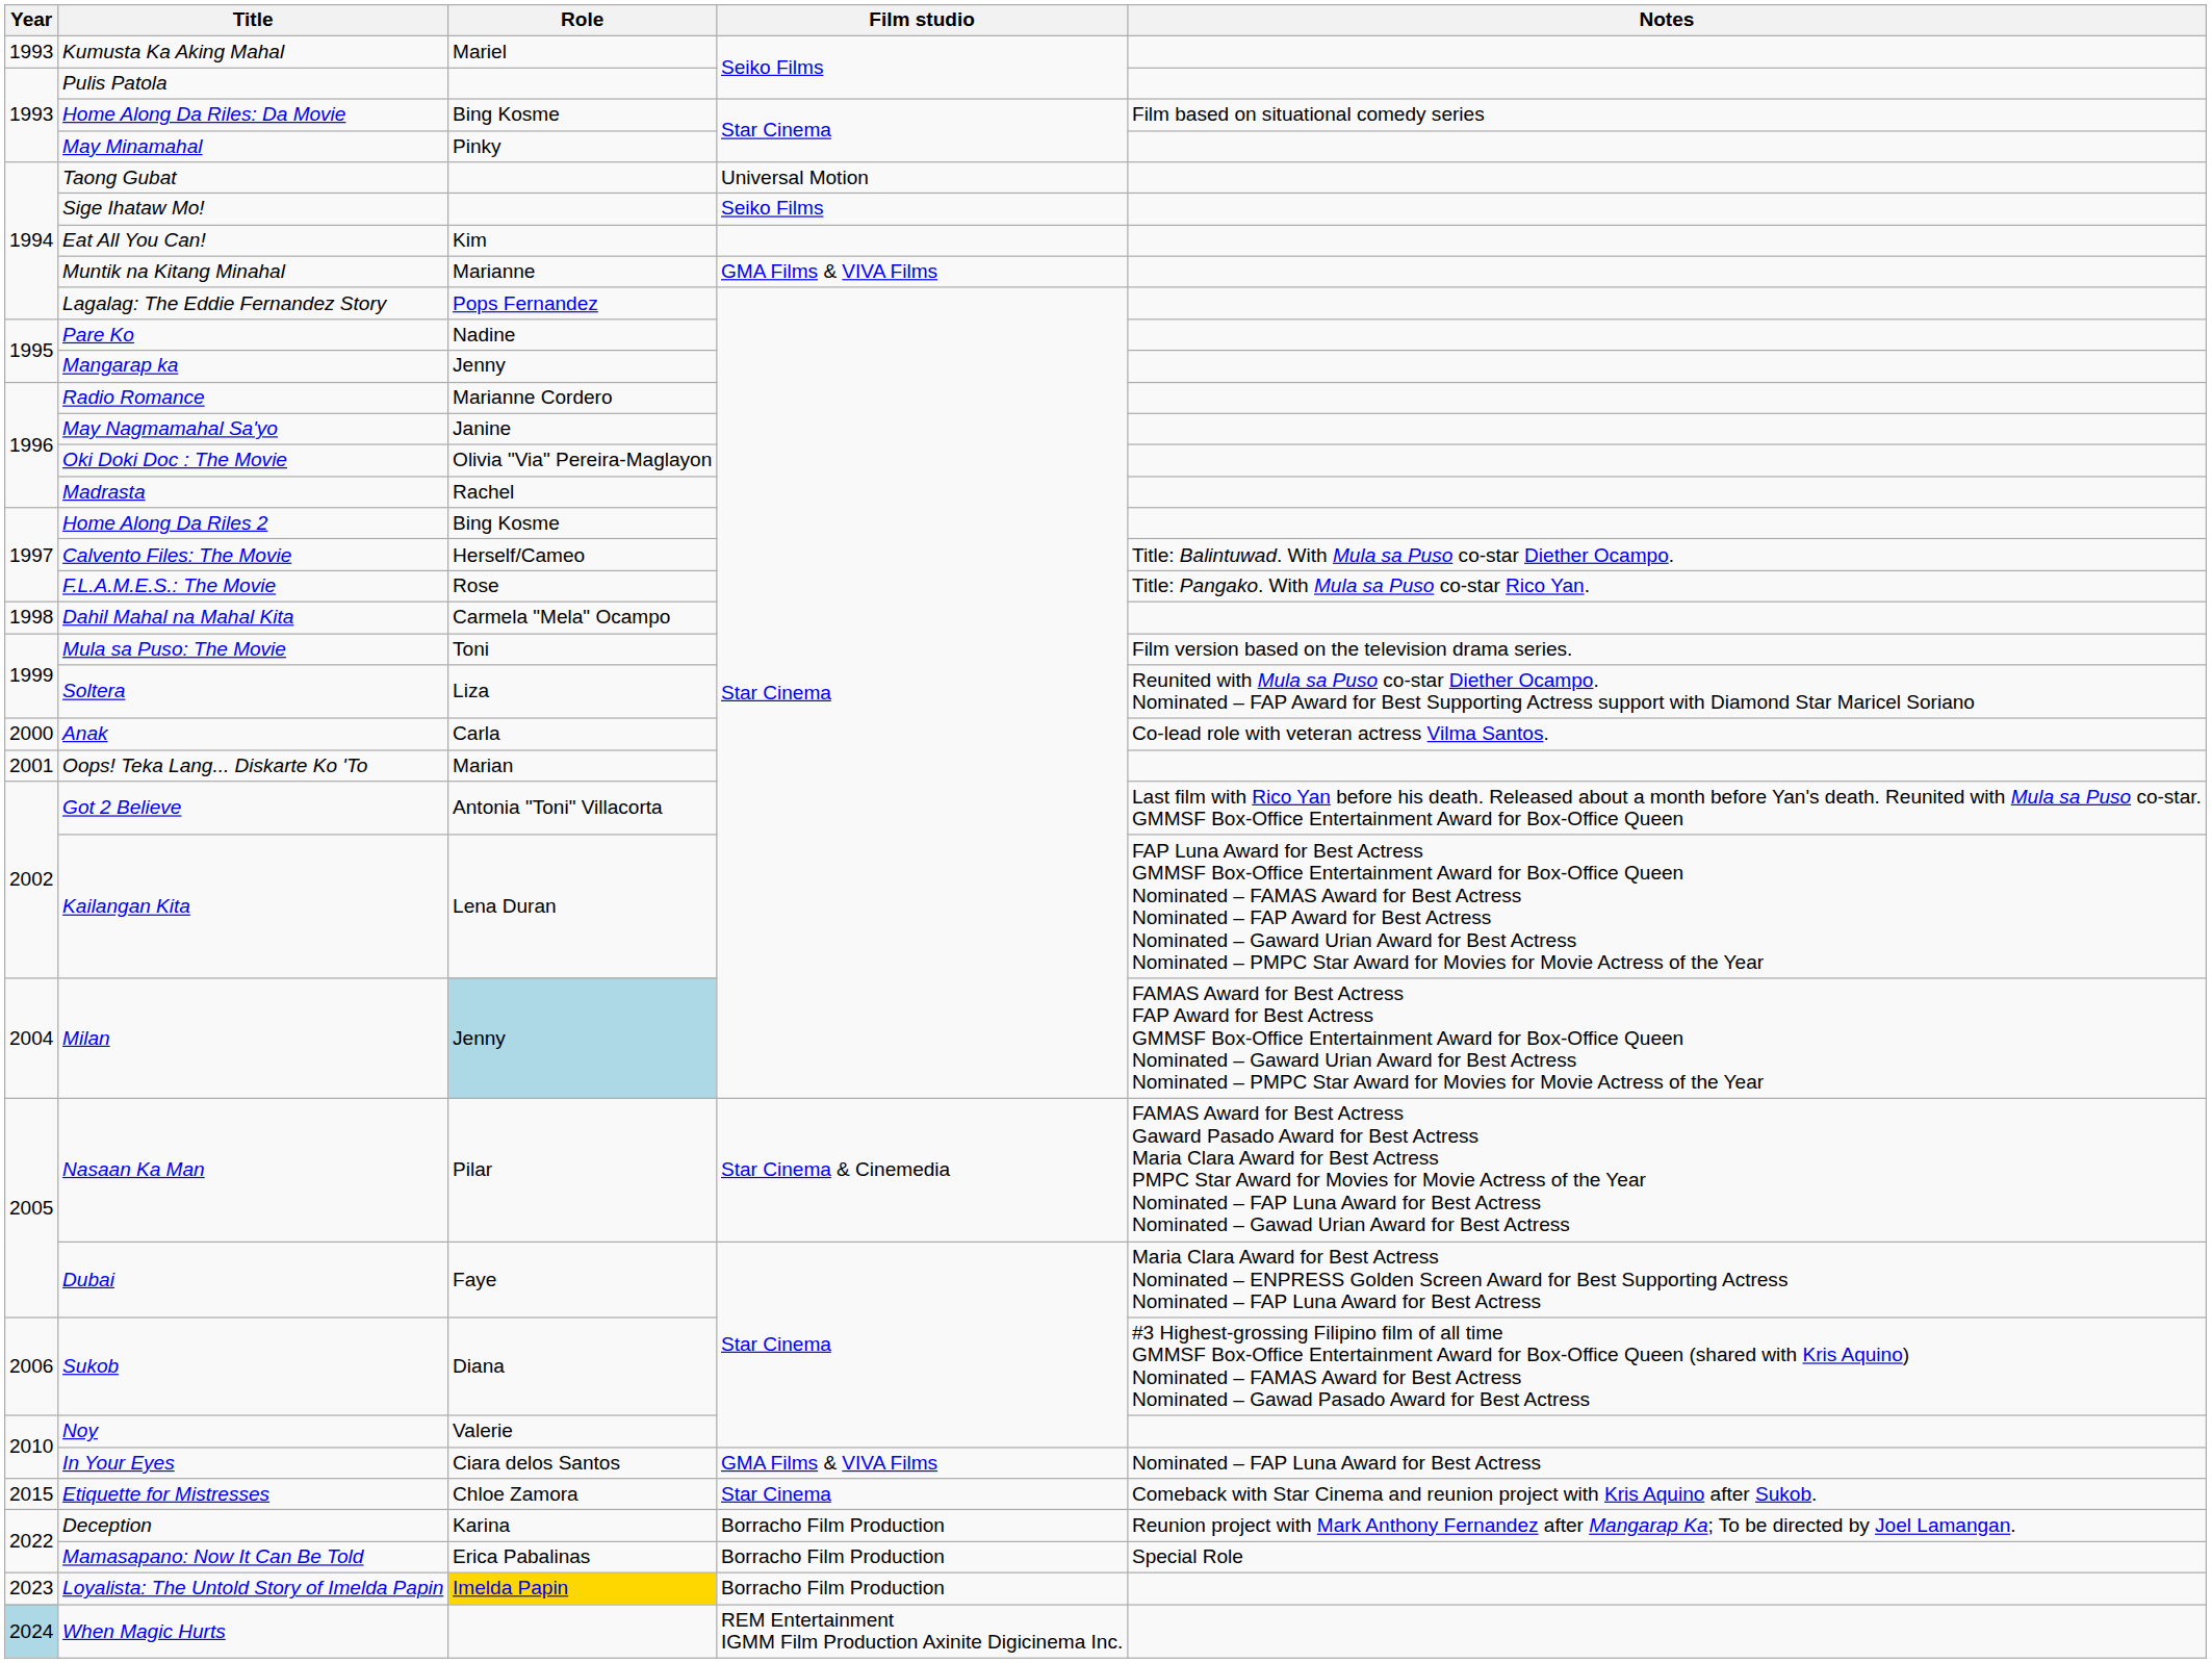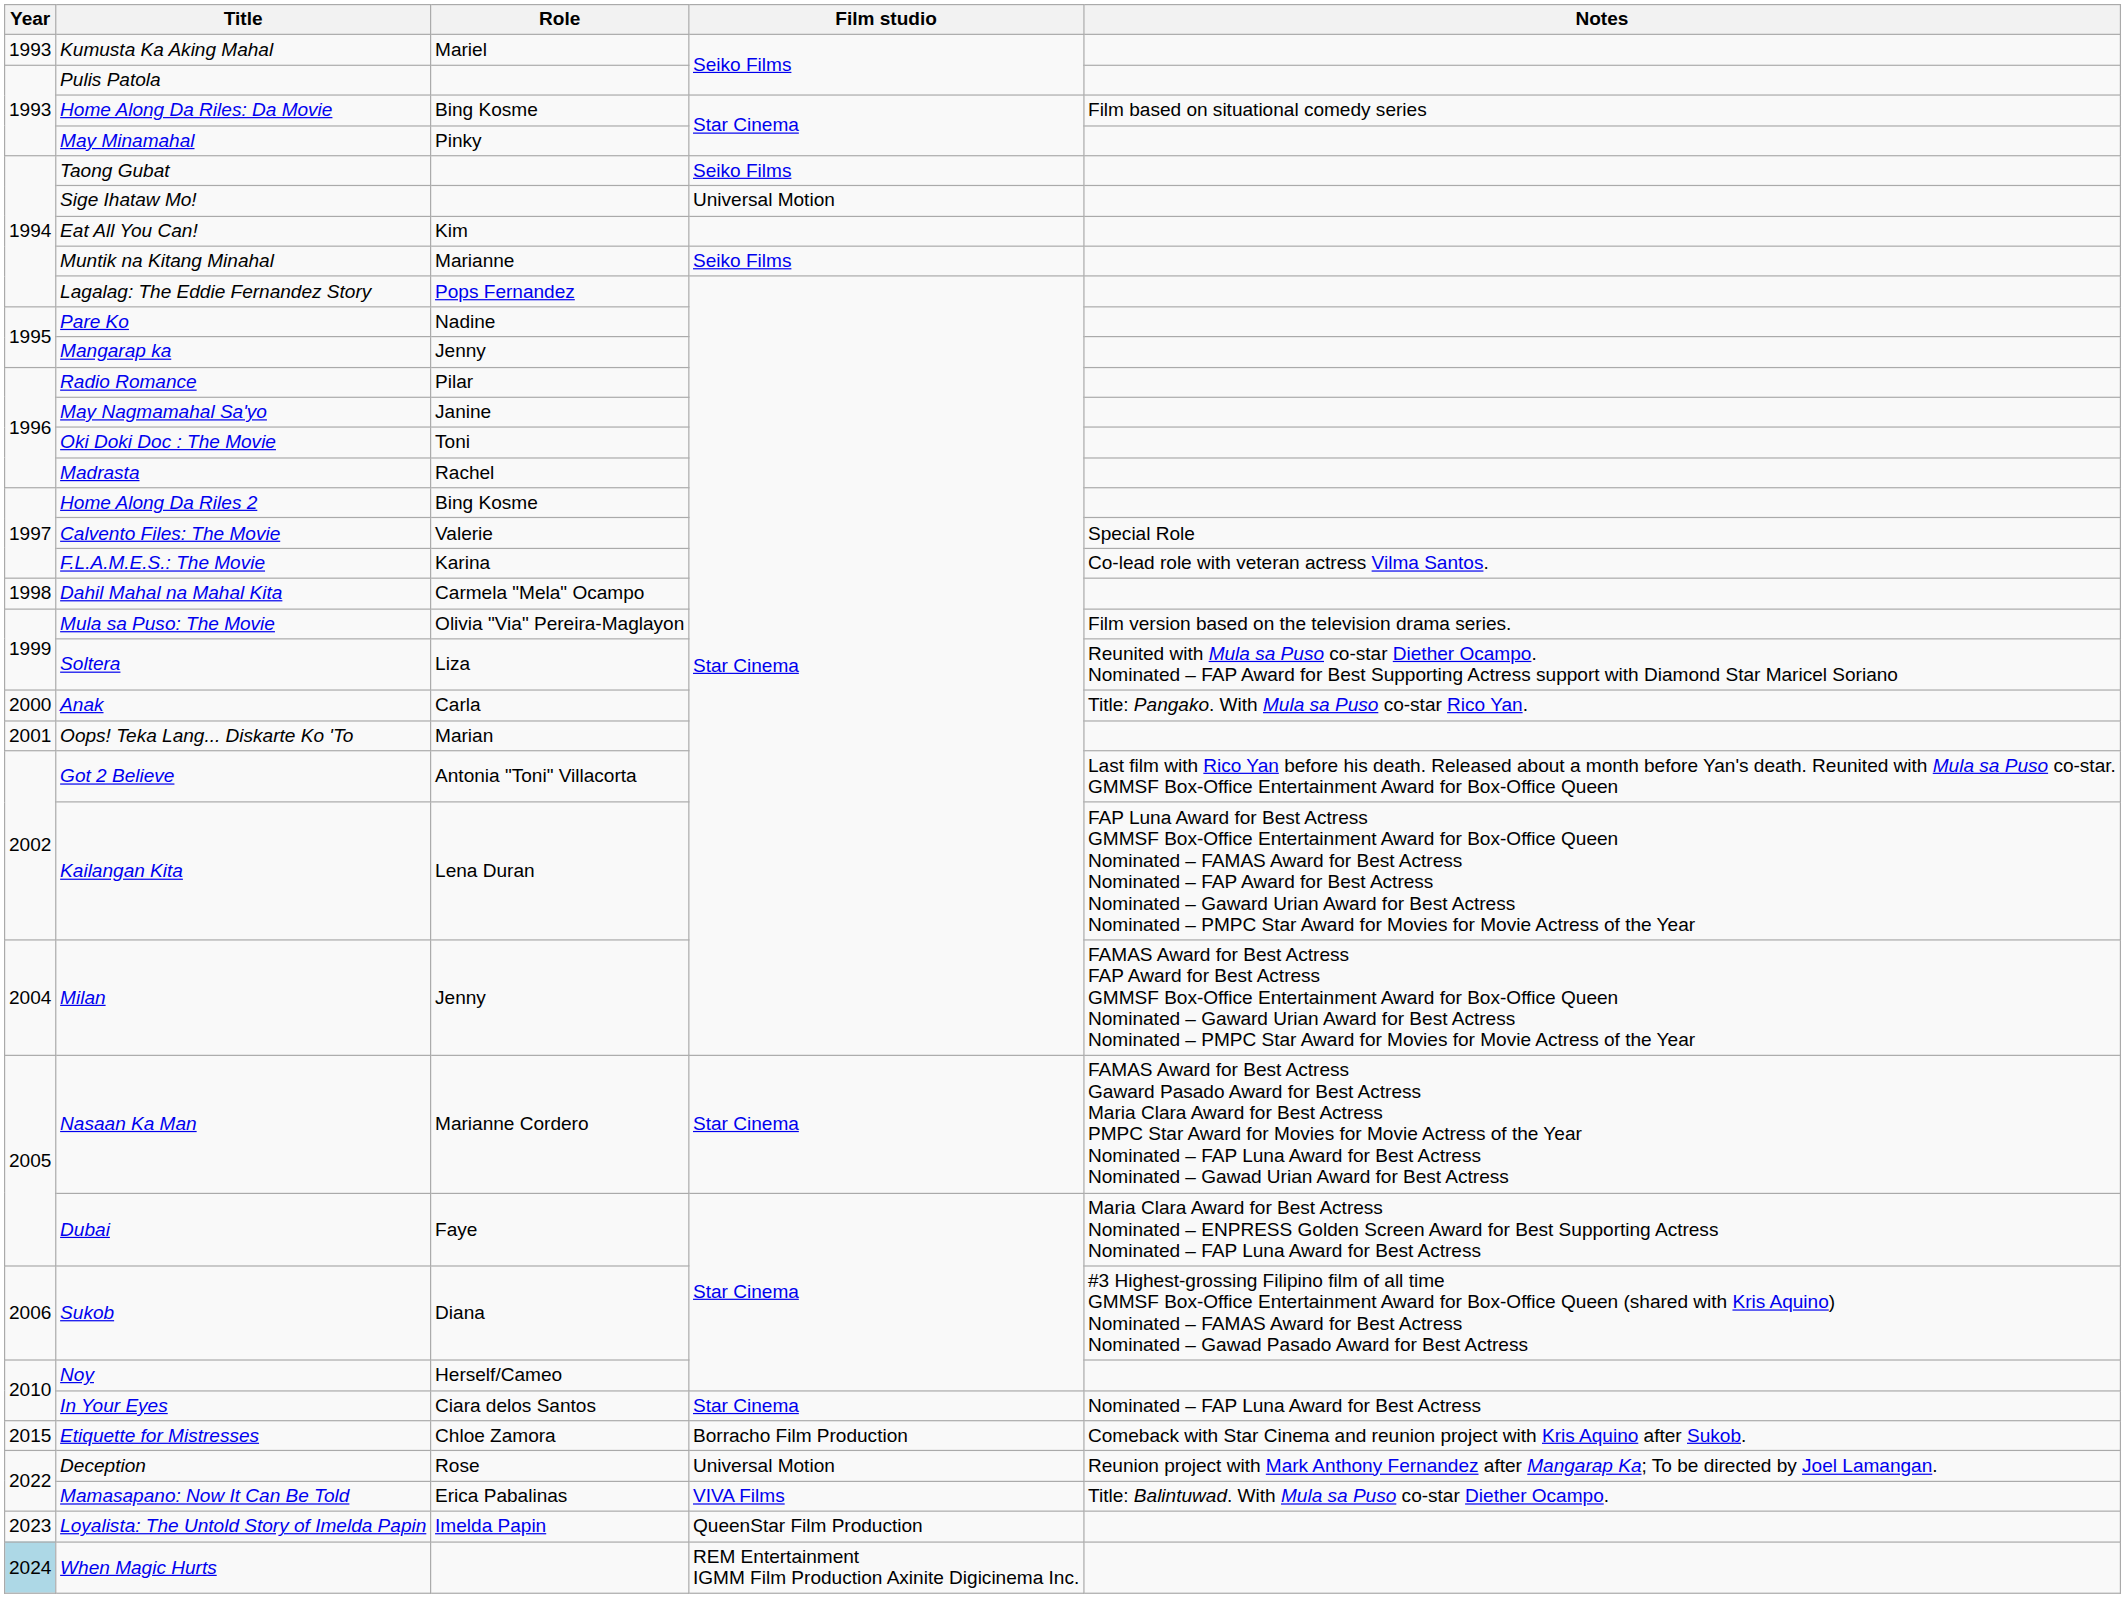 <table class="wikitable sortable">
 <tr>
 <th>Year</th>
 <th>Title</th>
 <th>Role</th>
 <th>Film studio</th>
 <th>Notes</th>
 </tr>
 <tr>
 <td>1993</td>
 <td><em>Kumusta Ka Aking Mahal</em></td>
 <td>Mariel</td>
 <td rowspan="2"><a href='#'>Seiko Films</a></td>
 <td></td>
 </tr>
 <tr>
 <td rowspan="3">1993</td>
 <td><em>Pulis Patola</em></td>
 <td></td>
 <td></td>
 </tr>
 <tr>
 <td><em><a href='#'>Home Along Da Riles: Da Movie</a></em></td>
 <td>Bing Kosme</td>
 <td rowspan="2"><a href='#'>Star Cinema</a></td>
 <td>Film based on situational comedy series</td>
 </tr>
 <tr>
 <td><em><a href='#'>May Minamahal</a></em></td>
 <td>Pinky</td>
 <td></td>
 </tr>
 <tr>
 <td rowspan="5">1994</td>
 <td><em>Taong Gubat</em></td>
 <td></td>
-<td>Universal Motion</td>
+<td><a href='#'>Seiko Films</a></td>
 <td></td>
 </tr>
 <tr>
 <td><em>Sige Ihataw Mo!</em></td>
 <td></td>
-<td><a href='#'>Seiko Films</a></td>
+<td>Universal Motion</td>
 <td></td>
 </tr>
 <tr>
 <td><em>Eat All You Can!</em></td>
 <td>Kim</td>
 <td></td>
 <td></td>
 </tr>
 <tr>
 <td><em>Muntik na Kitang Minahal</em></td>
 <td>Marianne</td>
-<td><a href='#'>GMA Films</a> & <a href='#'>VIVA Films</a></td>
+<td><a href='#'>Seiko Films</a></td>
 <td></td>
 </tr>
 <tr>
 <td><em>Lagalag: The Eddie Fernandez Story</em></td>
 <td><a href='#'>Pops Fernandez</a></td>
 <td rowspan="18"><a href='#'>Star Cinema</a></td>
 <td></td>
 </tr>
 <tr>
 <td rowspan="2">1995</td>
 <td><em><a href='#'>Pare Ko</a></em></td>
 <td>Nadine</td>
 <td></td>
 </tr>
 <tr>
 <td><em><a href='#'>Mangarap ka</a></em></td>
 <td>Jenny</td>
 <td></td>
 </tr>
 <tr>
 <td rowspan="4">1996</td>
 <td><em><a href='#'>Radio Romance</a></em></td>
-<td>Marianne Cordero</td>
+<td>Pilar</td>
 <td></td>
 </tr>
 <tr>
 <td><em><a href='#'>May Nagmamahal Sa'yo</a></em></td>
 <td>Janine</td>
 <td></td>
 </tr>
 <tr>
 <td><em> <a href='#'>Oki Doki Doc : The Movie</a></em></td>
-<td>Olivia "Via" Pereira-Maglayon</td>
+<td>Toni</td>
 <td></td>
 </tr>
 <tr>
 <td><em><a href='#'>Madrasta</a></em></td>
 <td>Rachel</td>
 <td></td>
 </tr>
 <tr>
 <td rowspan="3">1997</td>
 <td><em><a href='#'>Home Along Da Riles 2</a></em></td>
 <td>Bing Kosme</td>
 <td></td>
 </tr>
 <tr>
 <td><em><a href='#'>Calvento Files: The Movie</a></em></td>
-<td>Herself/Cameo</td>
-<td>Title: <em>Balintuwad</em>. With <em><a href='#'>Mula sa Puso</a></em> co-star <a href='#'>Diether Ocampo</a>.</td>
+<td>Valerie</td>
+<td>Special Role</td>
 </tr>
 <tr>
 <td><em><a href='#'>F.L.A.M.E.S.: The Movie</a></em></td>
-<td>Rose</td>
-<td>Title: <em>Pangako</em>. With <em><a href='#'>Mula sa Puso</a></em> co-star <a href='#'>Rico Yan</a>.</td>
+<td>Karina</td>
+<td>Co-lead role with veteran actress <a href='#'>Vilma Santos</a>.</td>
 </tr>
 <tr>
 <td>1998</td>
 <td><em><a href='#'>Dahil Mahal na Mahal Kita</a></em></td>
 <td>Carmela "Mela" Ocampo</td>
 <td></td>
 </tr>
 <tr>
 <td rowspan="2">1999</td>
 <td><em><a href='#'>Mula sa Puso: The Movie</a></em></td>
-<td>Toni</td>
+<td>Olivia "Via" Pereira-Maglayon</td>
 <td>Film version based on the television drama series.</td>
 </tr>
 <tr>
 <td><em><a href='#'>Soltera</a></em></td>
 <td>Liza</td>
 <td>Reunited with <em><a href='#'>Mula sa Puso</a></em> co-star <a href='#'>Diether Ocampo</a>.<br>Nominated – FAP Award for Best Supporting Actress support with Diamond Star Maricel Soriano</td>
 </tr>
 <tr>
 <td>2000</td>
 <td><em><a href='#'>Anak</a></em></td>
 <td>Carla</td>
-<td>Co-lead role with veteran actress <a href='#'>Vilma Santos</a>.</td>
+<td>Title: <em>Pangako</em>. With <em><a href='#'>Mula sa Puso</a></em> co-star <a href='#'>Rico Yan</a>.</td>
 </tr>
 <tr>
 <td>2001</td>
 <td><em>Oops! Teka Lang... Diskarte Ko 'To</em></td>
 <td>Marian</td>
 <td></td>
 </tr>
 <tr>
 <td rowspan="2">2002</td>
 <td><em><a href='#'>Got 2 Believe</a></em></td>
 <td>Antonia "Toni" Villacorta</td>
 <td>Last film with <a href='#'>Rico Yan</a> before his death. Released about a month before Yan's death. Reunited with <em><a href='#'>Mula sa Puso</a></em> co-star.<br>GMMSF Box-Office Entertainment Award for Box-Office Queen</td>
 </tr>
 <tr>
 <td><em><a href='#'>Kailangan Kita</a></em></td>
 <td>Lena Duran</td>
 <td>FAP Luna Award for Best Actress<br>GMMSF Box-Office Entertainment Award for Box-Office Queen<br>Nominated – FAMAS Award for Best Actress<br>Nominated – FAP Award for Best Actress<br>Nominated – Gaward Urian Award for Best Actress<br>Nominated – PMPC Star Award for Movies for Movie Actress of the Year</td>
 </tr>
 <tr>
 <td>2004</td>
 <td><em><a href='#'>Milan</a></em></td>
-<td style="background: lightblue;">Jenny</td>
+<td>Jenny</td>
 <td>FAMAS Award for Best Actress<br>FAP Award for Best Actress<br>GMMSF Box-Office Entertainment Award for Box-Office Queen<br>Nominated – Gaward Urian Award for Best Actress<br>Nominated – PMPC Star Award for Movies for Movie Actress of the Year</td>
 </tr>
 <tr>
 <td rowspan="2">2005</td>
 <td><em><a href='#'>Nasaan Ka Man</a></em></td>
-<td>Pilar</td>
-<td><a href='#'>Star Cinema</a> & Cinemedia</td>
+<td>Marianne Cordero</td>
+<td><a href='#'>Star Cinema</a></td>
 <td>FAMAS Award for Best Actress<br>Gaward Pasado Award for Best Actress<br>Maria Clara Award for Best Actress<br>PMPC Star Award for Movies for Movie Actress of the Year<br>Nominated – FAP Luna Award for Best Actress<br>Nominated – Gawad Urian Award for Best Actress</td>
 </tr>
 <tr>
 <td><em><a href='#'>Dubai</a></em></td>
 <td>Faye</td>
 <td rowspan="3"><a href='#'>Star Cinema</a></td>
 <td>Maria Clara Award for Best Actress<br>Nominated – ENPRESS Golden Screen Award for Best Supporting Actress<br>Nominated – FAP Luna Award for Best Actress</td>
 </tr>
 <tr>
 <td>2006</td>
 <td><em><a href='#'>Sukob</a></em></td>
 <td>Diana</td>
 <td>#3 Highest-grossing Filipino film of all time<br>GMMSF Box-Office Entertainment Award for Box-Office Queen (shared with <a href='#'>Kris Aquino</a>)<br>Nominated – FAMAS Award for Best Actress<br>Nominated – Gawad Pasado Award for Best Actress</td>
 </tr>
 <tr>
 <td rowspan="2">2010</td>
 <td><em><a href='#'>Noy</a></em></td>
-<td>Valerie</td>
+<td>Herself/Cameo</td>
 <td></td>
 </tr>
 <tr>
 <td><em><a href='#'>In Your Eyes</a></em></td>
 <td>Ciara delos Santos</td>
-<td><a href='#'>GMA Films</a> & <a href='#'>VIVA Films</a></td>
+<td><a href='#'>Star Cinema</a></td>
 <td>Nominated – FAP Luna Award for Best Actress</td>
 </tr>
 <tr>
 <td>2015</td>
 <td><em><a href='#'>Etiquette for Mistresses</a></em></td>
 <td>Chloe Zamora</td>
-<td><a href='#'>Star Cinema</a></td>
+<td>Borracho Film Production</td>
 <td>Comeback with Star Cinema and reunion project with <a href='#'>Kris Aquino</a> after <a href='#'>Sukob</a>.</td>
 </tr>
 <tr>
 <td rowspan="2">2022</td>
 <td><em>Deception</em></td>
-<td>Karina</td>
-<td>Borracho Film Production</td>
+<td>Rose</td>
+<td>Universal Motion</td>
 <td>Reunion project with <a href='#'>Mark Anthony Fernandez</a> after <em><a href='#'>Mangarap Ka</a></em>; To be directed by <a href='#'>Joel Lamangan</a>.</td>
 </tr>
 <tr>
 <td><em><a href='#'>Mamasapano: Now It Can Be Told</a></em></td>
 <td>Erica Pabalinas</td>
-<td>Borracho Film Production</td>
-<td>Special Role</td>
+<td><a href='#'>VIVA Films</a></td>
+<td>Title: <em>Balintuwad</em>. With <em><a href='#'>Mula sa Puso</a></em> co-star <a href='#'>Diether Ocampo</a>.</td>
 </tr>
 <tr>
 <td>2023</td>
 <td><em><a href='#'>Loyalista: The Untold Story of Imelda Papin</a></em></td>
-<td style="background: gold;"><a href='#'>Imelda Papin</a></td>
-<td>Borracho Film Production</td>
+<td><a href='#'>Imelda Papin</a></td>
+<td>QueenStar Film Production</td>
 <td></td>
 </tr>
 <tr>
 <td style="background: lightblue;">2024</td>
 <td><em><a href='#'>When Magic Hurts</a></em></td>
 <td></td>
 <td>REM Entertainment<br>IGMM Film Production Axinite Digicinema Inc.</td>
 <td></td>
 </tr>
 </table>
